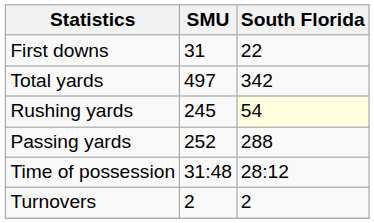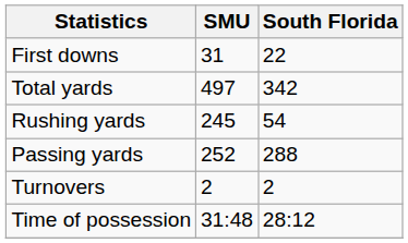 <table class="wikitable" style="float: right;">
 <tr>
 <th>Statistics</th>
 <th>SMU</th>
 <th>South Florida</th>
 </tr>
 <tr>
 <td>First downs</td>
 <td>31</td>
 <td>22</td>
 </tr>
 <tr>
 <td>Total yards</td>
 <td>497</td>
 <td>342</td>
 </tr>
 <tr>
 <td>Rushing yards</td>
 <td>245</td>
-<td style="background: lightyellow;">54</td>
+<td>54</td>
 </tr>
 <tr>
 <td>Passing yards</td>
 <td>252</td>
 <td>288</td>
 </tr>
 <tr>
+<td>Turnovers</td>
+<td>2</td>
+<td>2</td>
+</tr>
+<tr>
 <td>Time of possession</td>
 <td>31:48</td>
 <td>28:12</td>
 </tr>
 <tr>
-<td>Turnovers</td>
-<td>2</td>
-<td>2</td>
-</tr>
-<tr>
 </tr>
 </table>
